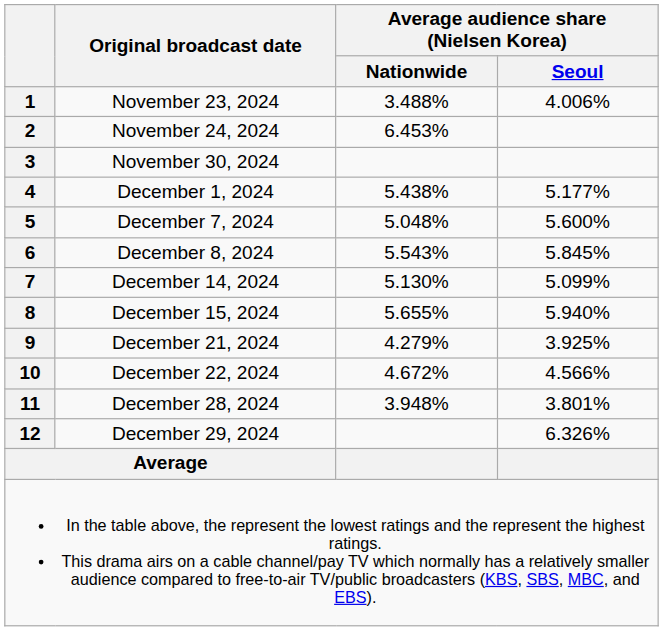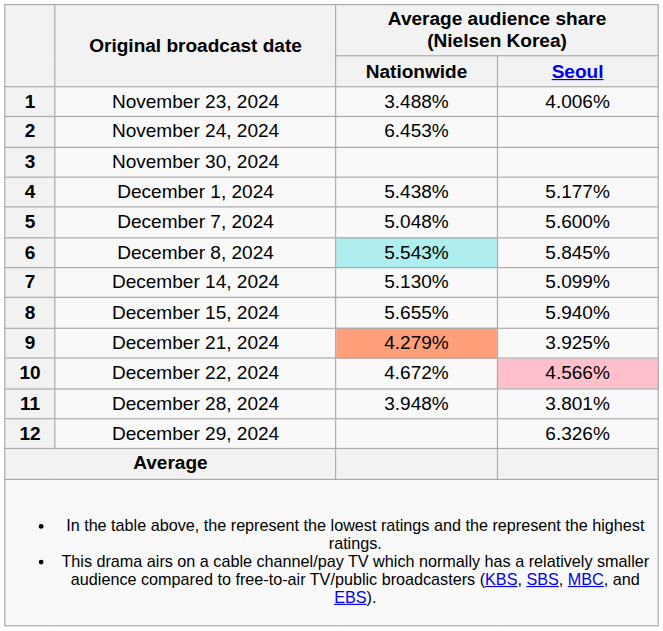 <table class="wikitable" style="margin-left:auto; margin-right:auto; width:550px; text-align:center">
 <tr>
 <th scope="col" rowspan="2"></th>
 <th scope="col" rowspan="2">Original broadcast date</th>
 <th scope="col" colspan="2">Average audience share<br>(Nielsen Korea)</th>
 </tr>
 <tr>
 <th scope="col" style="width:8em">Nationwide</th>
 <th scope="col" style="width:8em"><a href='#'>Seoul</a></th>
 </tr>
 <tr>
 <th scope="row">1</th>
 <td>November 23, 2024</td>
 <td>3.488% </td>
 <td>4.006% </td>
 </tr>
 <tr>
 <th scope="row">2</th>
 <td>November 24, 2024</td>
 <td>6.453% </td>
 <td><strong></strong> </td>
 </tr>
 <tr>
 <th scope="row">3</th>
 <td>November 30, 2024</td>
 <td><strong></strong> </td>
 <td><strong></strong> </td>
 </tr>
 <tr>
 <th scope="row">4</th>
 <td>December 1, 2024</td>
 <td>5.438% </td>
 <td>5.177% </td>
 </tr>
 <tr>
 <th scope="row">5</th>
 <td>December 7, 2024</td>
 <td>5.048% </td>
 <td>5.600% </td>
 </tr>
 <tr>
 <th scope="row">6</th>
 <td>December 8, 2024</td>
-<td>5.543% </td>
+<td style="background: paleturquoise;">5.543% </td>
 <td>5.845% </td>
 </tr>
 <tr>
 <th scope="row">7</th>
 <td>December 14, 2024</td>
 <td>5.130% </td>
 <td>5.099% </td>
 </tr>
 <tr>
 <th scope="row">8</th>
 <td>December 15, 2024</td>
 <td>5.655% </td>
 <td>5.940% </td>
 </tr>
 <tr>
 <th scope="row">9</th>
 <td>December 21, 2024</td>
-<td>4.279% </td>
+<td style="background: lightsalmon;">4.279% </td>
 <td>3.925% </td>
 </tr>
 <tr>
 <th scope="row">10</th>
 <td>December 22, 2024</td>
 <td>4.672% </td>
-<td>4.566% </td>
+<td style="background: pink;">4.566% </td>
 </tr>
 <tr>
 <th scope="row">11</th>
 <td>December 28, 2024</td>
 <td>3.948% </td>
 <td>3.801% </td>
 </tr>
 <tr>
 <th scope="row">12</th>
 <td>December 29, 2024</td>
 <td><strong></strong> </td>
 <td>6.326% </td>
 </tr>
 <tr>
 <th scope="col" colspan="2">Average</th>
 <th scope="col"></th>
 <th scope="col"></th>
 </tr>
 <tr>
 <td colspan="4" style="font-size:85%"><br><ul><li>In the table above, the <strong></strong> represent the lowest ratings and the <strong></strong> represent the highest ratings.</li><li>This drama airs on a cable channel/pay TV which normally has a relatively smaller audience compared to free-to-air TV/public broadcasters (<a href='#'>KBS</a>, <a href='#'>SBS</a>, <a href='#'>MBC</a>, and <a href='#'>EBS</a>).</li></ul></td>
 </tr>
 </table>
